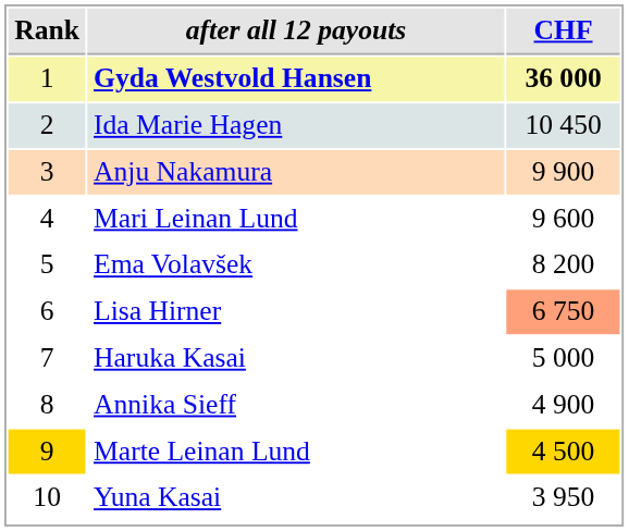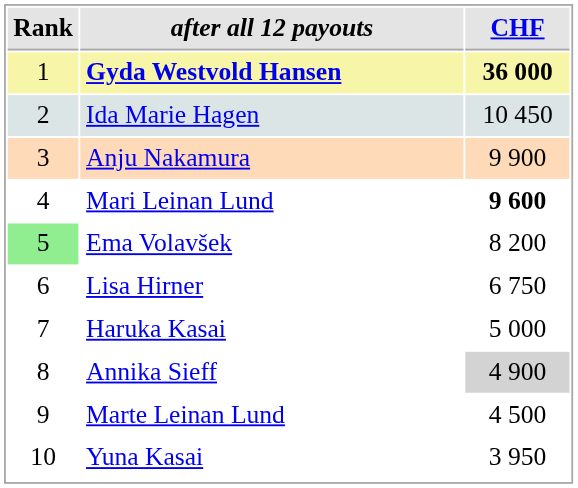 <table cellspacing="1" cellpadding="3" style="border:1px solid #AAAAAA;font-size:86%">
 <tr style="background-color: #E4E4E4;">
 <th style="border-bottom:1px solid #AAAAAA; width: 10px;">Rank</th>
 <th style="border-bottom:1px solid #AAAAAA; width: 200px;"><em>after all 12 payouts</em></th>
 <th style="border-bottom:1px solid #AAAAAA; width: 50px;"><a href='#'>CHF</a></th>
 </tr>
 <tr style="background:#f7f6a8;">
 <td align=center>1</td>
 <td> <strong><a href='#'>Gyda Westvold Hansen</a></strong></td>
 <td align=center><strong>36 000</strong></td>
 </tr>
 <tr style="background:#dce5e5;">
 <td align=center>2</td>
 <td> <a href='#'>Ida Marie Hagen</a></td>
 <td align=center>10 450</td>
 </tr>
 <tr style="background:#ffdab9;">
 <td align=center>3</td>
 <td> <a href='#'>Anju Nakamura</a></td>
 <td align=center>9 900</td>
 </tr>
 <tr>
 <td align=center>4</td>
 <td> <a href='#'>Mari Leinan Lund</a></td>
-<td align=center>9 600</td>
+<td align=center><strong>9 600</strong></td>
 </tr>
 <tr>
-<td align=center>5</td>
+<td align=center style="background: lightgreen;">5</td>
 <td> <a href='#'>Ema Volavšek</a></td>
 <td align=center>8 200</td>
 </tr>
 <tr>
 <td align=center>6</td>
 <td> <a href='#'>Lisa Hirner</a></td>
-<td align=center style="background: lightsalmon;">6 750</td>
+<td align=center>6 750</td>
 </tr>
 <tr>
 <td align=center>7</td>
 <td> <a href='#'>Haruka Kasai</a></td>
 <td align=center>5 000</td>
 </tr>
 <tr>
 <td align=center>8</td>
 <td> <a href='#'>Annika Sieff</a></td>
-<td align=center>4 900</td>
+<td align=center style="background: lightgrey;">4 900</td>
 </tr>
 <tr>
-<td align=center style="background: gold;">9</td>
+<td align=center>9</td>
 <td> <a href='#'>Marte Leinan Lund</a></td>
-<td align=center style="background: gold;">4 500</td>
+<td align=center>4 500</td>
 </tr>
 <tr>
 <td align=center>10</td>
 <td> <a href='#'>Yuna Kasai</a></td>
 <td align=center>3 950</td>
 </tr>
 <tr>
 </tr>
 </table>
